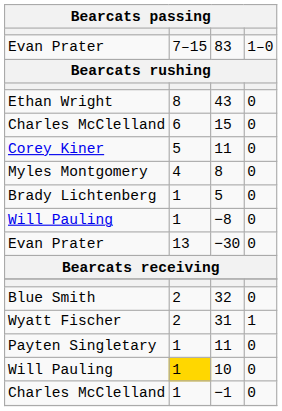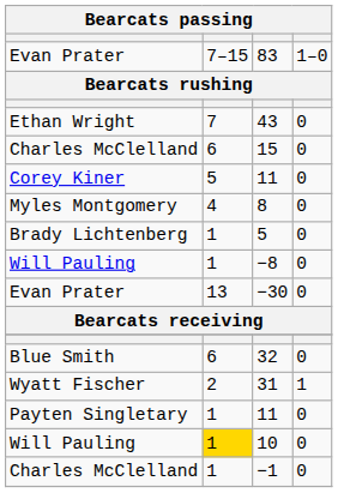 <table class="wikitable plainrowheaders">
 <tr>
 <th colspan="6">Bearcats passing</th>
 </tr>
 <tr>
 <th scope="col"></th>
 <th scope="col"></th>
 <th scope="col"></th>
 <th scope="col"></th>
 </tr>
 <tr>
 <td>Evan Prater</td>
 <td>7–15</td>
 <td>83</td>
 <td>1–0</td>
 </tr>
 <tr>
 <th colspan="6">Bearcats rushing</th>
 </tr>
 <tr>
 <th scope="col"></th>
 <th scope="col"></th>
 <th scope="col"></th>
 <th scope="col"></th>
 </tr>
 <tr>
 <td>Ethan Wright</td>
-<td>8</td>
+<td>7</td>
 <td>43</td>
 <td>0</td>
 </tr>
 <tr>
 <td>Charles McClelland</td>
 <td>6</td>
 <td>15</td>
 <td>0</td>
 </tr>
 <tr>
 <td><a href='#'>Corey Kiner</a></td>
 <td>5</td>
 <td>11</td>
 <td>0</td>
 </tr>
 <tr>
 <td>Myles Montgomery</td>
 <td>4</td>
 <td>8</td>
 <td>0</td>
 </tr>
 <tr>
 <td>Brady Lichtenberg</td>
 <td>1</td>
 <td>5</td>
 <td>0</td>
 </tr>
 <tr>
 <td><a href='#'>Will Pauling</a></td>
 <td>1</td>
 <td>−8</td>
 <td>0</td>
 </tr>
 <tr>
 <td>Evan Prater</td>
 <td>13</td>
 <td>−30</td>
 <td>0</td>
 </tr>
 <tr>
 <th colspan="6">Bearcats receiving</th>
 </tr>
 <tr>
 </tr>
 <tr>
 <th scope="col"></th>
 <th scope="col"></th>
 <th scope="col"></th>
 <th scope="col"></th>
 </tr>
 <tr>
 <td>Blue Smith</td>
-<td>2</td>
+<td>6</td>
 <td>32</td>
 <td>0</td>
 </tr>
 <tr>
 <td>Wyatt Fischer</td>
 <td>2</td>
 <td>31</td>
 <td>1</td>
 </tr>
 <tr>
 <td>Payten Singletary</td>
 <td>1</td>
 <td>11</td>
 <td>0</td>
 </tr>
 <tr>
 <td>Will Pauling</td>
 <td style="background: gold;">1</td>
 <td>10</td>
 <td>0</td>
 </tr>
 <tr>
 <td>Charles McClelland</td>
 <td>1</td>
 <td>−1</td>
 <td>0</td>
 </tr>
 <tr>
 </tr>
 </table>
